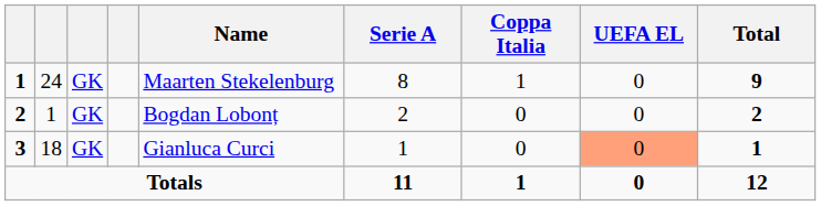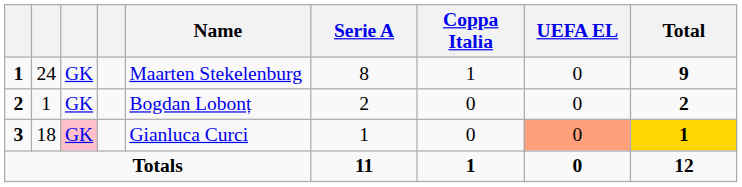 <table class="wikitable" style="text-align:center">
 <tr>
 <th width=15></th>
 <th width=15></th>
 <th width=15></th>
 <th width=15></th>
 <th width=145>Name</th>
 <th width=80><strong><a href='#'>Serie A</a></strong></th>
 <th width=80><strong><a href='#'>Coppa Italia</a></strong></th>
 <th width=80><strong><a href='#'>UEFA EL</a></strong></th>
 <th width=80>Total</th>
 </tr>
 <tr>
 <td><strong>1</strong></td>
 <td>24</td>
 <td><a href='#'>GK</a></td>
 <td></td>
 <td align=left><a href='#'>Maarten Stekelenburg</a></td>
 <td>8</td>
 <td>1</td>
 <td>0</td>
 <td><strong>9</strong></td>
 </tr>
 <tr>
 <td><strong>2</strong></td>
 <td>1</td>
 <td><a href='#'>GK</a></td>
 <td></td>
 <td align=left><a href='#'>Bogdan Lobonț</a></td>
 <td>2</td>
 <td>0</td>
 <td>0</td>
 <td><strong>2</strong></td>
 </tr>
 <tr>
 <td><strong>3</strong></td>
 <td>18</td>
-<td><a href='#'>GK</a></td>
+<td style="background: pink;"><a href='#'>GK</a></td>
 <td></td>
 <td align=left><a href='#'>Gianluca Curci</a></td>
 <td>1</td>
 <td>0</td>
 <td style="background: lightsalmon;">0</td>
-<td><strong>1</strong></td>
+<td style="background: gold;"><strong>1</strong></td>
 </tr>
 <tr>
 <td colspan=5><strong>Totals</strong></td>
 <td><strong>11</strong></td>
 <td><strong>1</strong></td>
 <td><strong>0</strong></td>
 <td><strong>12</strong></td>
 </tr>
 </table>
